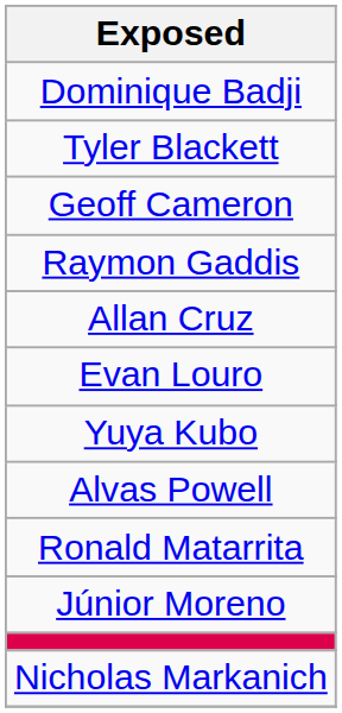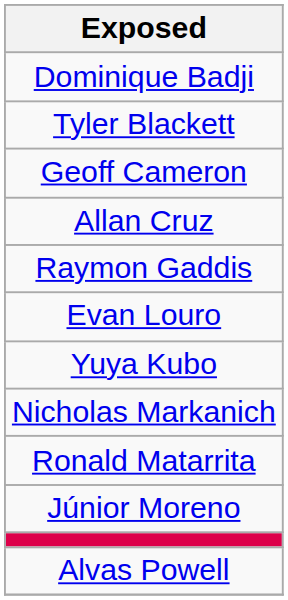 <table class="wikitable" style="text-align:center">
 <tr>
 <th>Exposed</th>
 </tr>
 <tr>
 <td><a href='#'>Dominique Badji</a></td>
 </tr>
 <tr>
 <td><a href='#'>Tyler Blackett</a></td>
 </tr>
 <tr>
 <td><a href='#'>Geoff Cameron</a></td>
 </tr>
 <tr>
-<td><a href='#'>Raymon Gaddis</a></td>
+<td><a href='#'>Allan Cruz</a></td>
 </tr>
 <tr>
-<td><a href='#'>Allan Cruz</a></td>
+<td><a href='#'>Raymon Gaddis</a></td>
 </tr>
 <tr>
 <td><a href='#'>Evan Louro</a></td>
 </tr>
 <tr>
 <td><a href='#'>Yuya Kubo</a></td>
 </tr>
 <tr>
-<td><a href='#'>Alvas Powell</a></td>
+<td><a href='#'>Nicholas Markanich</a></td>
 </tr>
 <tr>
 <td><a href='#'>Ronald Matarrita</a></td>
 </tr>
 <tr>
 <td><a href='#'>Júnior Moreno</a></td>
 </tr>
 <tr>
 <td style="background: #DD004A"></td>
 </tr>
 <tr>
-<td><a href='#'>Nicholas Markanich</a></td>
+<td><a href='#'>Alvas Powell</a></td>
 </tr>
 <tr>
 </tr>
 </table>
